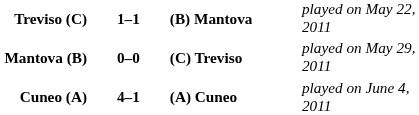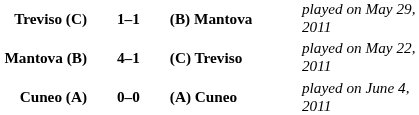 <table width="100%" cellspacing="1">
 <tr>
 <th width="20%"></th>
 <th width="12%"></th>
 <th width="20%"></th>
 <th width="20%'"></th>
 <th></th>
 </tr>
 <tr style="font-size:90%;">
 <td align="right"><strong>Treviso (C)</strong></td>
 <td align="center"><strong>1–1</strong></td>
 <td align="left"><strong>(B) Mantova</strong></td>
+<td align="left"><em>played on May 29, 2011</em></td>
+</tr>
+<tr style="font-size:90%;">
+<td align="right"><strong>Mantova (B)</strong></td>
+<td align="center"><strong>4–1</strong></td>
+<td align="left"><strong>(C) Treviso</strong></td>
 <td align="left"><em>played on May 22, 2011</em></td>
 </tr>
 <tr style="font-size:90%;">
-<td align="right"><strong>Mantova (B)</strong></td>
+<td align="right"><strong>Cuneo (A)</strong></td>
 <td align="center"><strong>0–0</strong></td>
-<td align="left"><strong>(C) Treviso</strong></td>
-<td align="left"><em>played on May 29, 2011</em></td>
-</tr>
-<tr style="font-size:90%;">
-<td align="right"><strong>Cuneo (A)</strong></td>
-<td align="center"><strong>4–1</strong></td>
 <td align="left"><strong>(A) Cuneo</strong></td>
 <td align="left"><em>played on June 4, 2011</em></td>
 </tr>
 </table>
